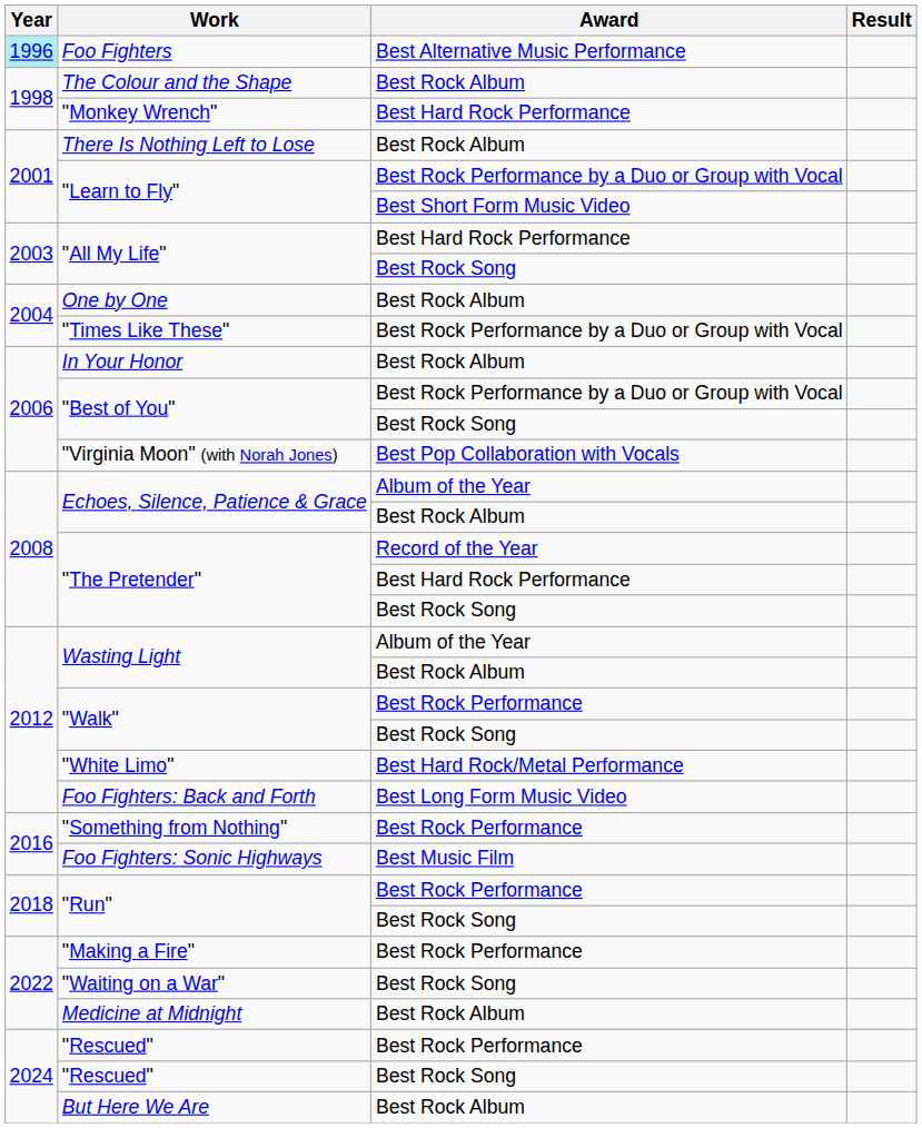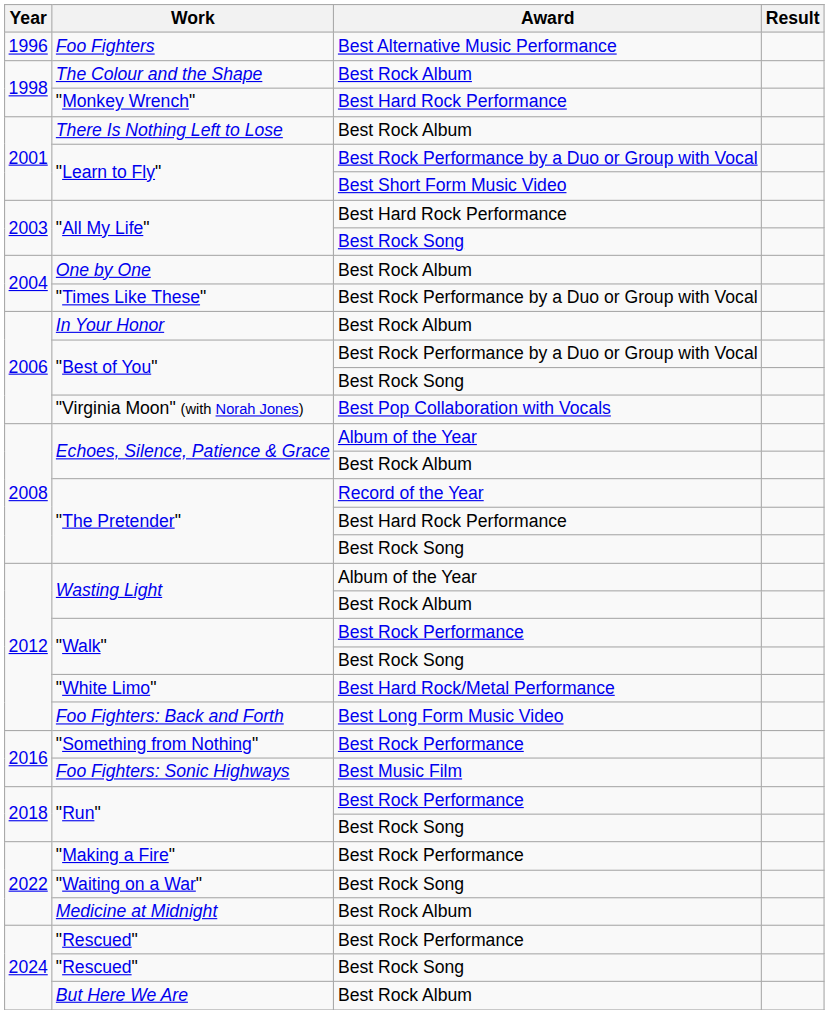 <table class="wikitable">
 <tr>
 <th>Year</th>
 <th>Work</th>
 <th>Award</th>
 <th>Result</th>
 </tr>
 <tr>
-<td style="background: paleturquoise;"><a href='#'>1996</a></td>
+<td><a href='#'>1996</a></td>
 <td><em><a href='#'>Foo Fighters</a></em></td>
 <td><a href='#'>Best Alternative Music Performance</a></td>
 <td></td>
 </tr>
 <tr>
 <td rowspan="2"><a href='#'>1998</a></td>
 <td><em><a href='#'>The Colour and the Shape</a></em></td>
 <td><a href='#'>Best Rock Album</a></td>
 <td></td>
 </tr>
 <tr>
 <td>"<a href='#'>Monkey Wrench</a>"</td>
 <td><a href='#'>Best Hard Rock Performance</a></td>
 <td></td>
 </tr>
 <tr>
 <td rowspan="3"><a href='#'>2001</a></td>
 <td><em><a href='#'>There Is Nothing Left to Lose</a></em></td>
 <td>Best Rock Album</td>
 <td></td>
 </tr>
 <tr>
 <td rowspan="2">"<a href='#'>Learn to Fly</a>"</td>
 <td><a href='#'>Best Rock Performance by a Duo or Group with Vocal</a></td>
 <td></td>
 </tr>
 <tr>
 <td><a href='#'>Best Short Form Music Video</a></td>
 <td></td>
 </tr>
 <tr>
 <td rowspan="2"><a href='#'>2003</a></td>
 <td rowspan="2">"<a href='#'>All My Life</a>"</td>
 <td>Best Hard Rock Performance</td>
 <td></td>
 </tr>
 <tr>
 <td><a href='#'>Best Rock Song</a></td>
 <td></td>
 </tr>
 <tr>
 <td rowspan="2"><a href='#'>2004</a></td>
 <td><em><a href='#'>One by One</a></em></td>
 <td>Best Rock Album</td>
 <td></td>
 </tr>
 <tr>
 <td>"<a href='#'>Times Like These</a>"</td>
 <td>Best Rock Performance by a Duo or Group with Vocal</td>
 <td></td>
 </tr>
 <tr>
 <td rowspan="4"><a href='#'>2006</a></td>
 <td rowspan="1"><em><a href='#'>In Your Honor</a></em></td>
 <td>Best Rock Album</td>
 <td></td>
 </tr>
 <tr>
 <td rowspan="2">"<a href='#'>Best of You</a>"</td>
 <td>Best Rock Performance by a Duo or Group with Vocal</td>
 <td></td>
 </tr>
 <tr>
 <td>Best Rock Song</td>
 <td></td>
 </tr>
 <tr>
 <td>"Virginia Moon" <small>(with <a href='#'>Norah Jones</a>)</small></td>
 <td><a href='#'>Best Pop Collaboration with Vocals</a></td>
 <td></td>
 </tr>
 <tr>
 <td rowspan="5"><a href='#'>2008</a></td>
 <td rowspan="2"><em><a href='#'>Echoes, Silence, Patience & Grace</a></em></td>
 <td><a href='#'>Album of the Year</a></td>
 <td></td>
 </tr>
 <tr>
 <td>Best Rock Album</td>
 <td></td>
 </tr>
 <tr>
 <td rowspan="3">"<a href='#'>The Pretender</a>"</td>
 <td><a href='#'>Record of the Year</a></td>
 <td></td>
 </tr>
 <tr>
 <td>Best Hard Rock Performance</td>
 <td></td>
 </tr>
 <tr>
 <td>Best Rock Song</td>
 <td></td>
 </tr>
 <tr>
 <td rowspan="6"><a href='#'>2012</a></td>
 <td rowspan="2"><em><a href='#'>Wasting Light</a></em></td>
 <td>Album of the Year</td>
 <td></td>
 </tr>
 <tr>
 <td>Best Rock Album</td>
 <td></td>
 </tr>
 <tr>
 <td rowspan="2">"<a href='#'>Walk</a>"</td>
 <td><a href='#'>Best Rock Performance</a></td>
 <td></td>
 </tr>
 <tr>
 <td>Best Rock Song</td>
 <td></td>
 </tr>
 <tr>
 <td>"<a href='#'>White Limo</a>"</td>
 <td><a href='#'>Best Hard Rock/Metal Performance</a></td>
 <td></td>
 </tr>
 <tr>
 <td><em><a href='#'>Foo Fighters: Back and Forth</a></em></td>
 <td><a href='#'>Best Long Form Music Video</a></td>
 <td></td>
 </tr>
 <tr>
 <td rowspan="2"><a href='#'>2016</a></td>
 <td>"<a href='#'>Something from Nothing</a>"</td>
 <td><a href='#'>Best Rock Performance</a></td>
 <td></td>
 </tr>
 <tr>
 <td><em><a href='#'>Foo Fighters: Sonic Highways</a></em></td>
 <td><a href='#'>Best Music Film</a></td>
 <td></td>
 </tr>
 <tr>
 <td rowspan="2"><a href='#'>2018</a></td>
 <td rowspan="2">"<a href='#'>Run</a>"</td>
 <td><a href='#'>Best Rock Performance</a></td>
 <td></td>
 </tr>
 <tr>
 <td>Best Rock Song</td>
 <td></td>
 </tr>
 <tr>
 <td rowspan="3"><a href='#'>2022</a></td>
 <td>"<a href='#'>Making a Fire</a>"</td>
 <td>Best Rock Performance</td>
 <td></td>
 </tr>
 <tr>
 <td>"<a href='#'>Waiting on a War</a>"</td>
 <td>Best Rock Song</td>
 <td></td>
 </tr>
 <tr>
 <td><em><a href='#'>Medicine at Midnight</a></em></td>
 <td>Best Rock Album</td>
 <td></td>
 </tr>
 <tr>
 <td rowspan="3"><a href='#'>2024</a></td>
 <td>"<a href='#'>Rescued</a>"</td>
 <td>Best Rock Performance</td>
 <td></td>
 </tr>
 <tr>
 <td>"<a href='#'>Rescued</a>"</td>
 <td>Best Rock Song</td>
 <td></td>
 </tr>
 <tr>
 <td><em><a href='#'>But Here We Are</a></em></td>
 <td>Best Rock Album</td>
 <td></td>
 </tr>
 </table>
